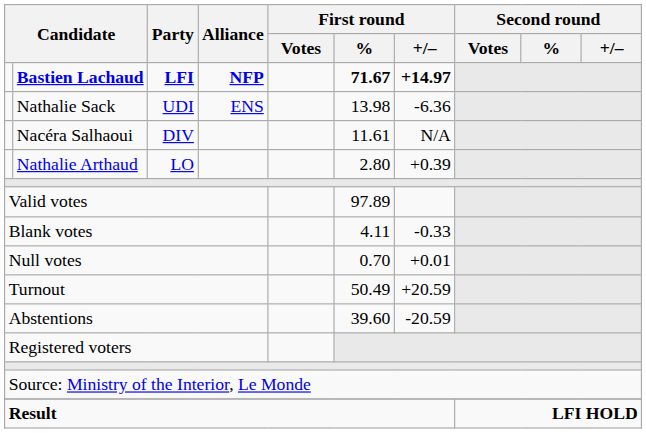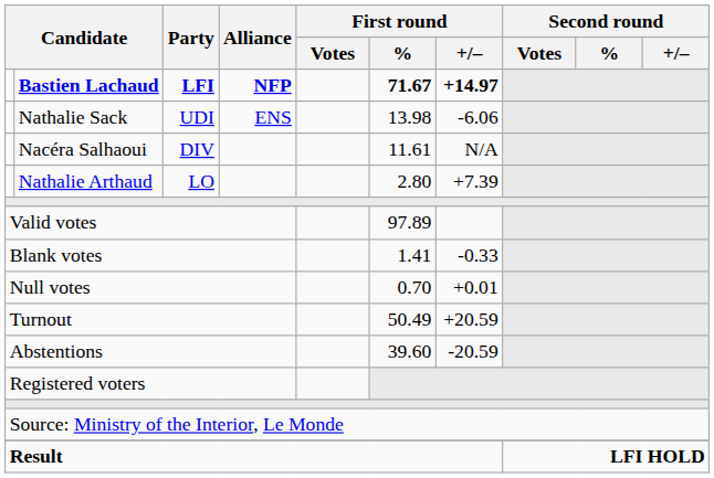 <table class="wikitable" style="text-align:right;font-size:95%;">
 <tr>
 <th rowspan="2" colspan="2">Candidate</th>
 <th rowspan="2">Party</th>
 <th rowspan="2">Alliance</th>
 <th colspan="3">First round</th>
 <th colspan="3">Second round</th>
 </tr>
 <tr>
 <th style="width:50px;">Votes</th>
 <th style="width:45px;">%</th>
 <th style="width:45px;">+/–</th>
 <th style="width:50px;">Votes</th>
 <th style="width:45px;">%</th>
 <th style="width:45px;">+/–</th>
 </tr>
 <tr>
 <td style="color:inherit;background:"></td>
 <td style="text-align:left;"><strong><a href='#'>Bastien Lachaud</a></strong></td>
 <td><a href='#'><strong>LFI</strong></a></td>
 <td><a href='#'><strong>NFP</strong></a></td>
 <td><strong></strong></td>
 <td><strong>71.67</strong></td>
 <td><strong>+14.97</strong></td>
 <td colspan="3" style="background:#E9E9E9;"></td>
 </tr>
 <tr>
 <td style="color:inherit;background:"></td>
 <td style="text-align:left;">Nathalie Sack</td>
 <td><a href='#'>UDI</a></td>
 <td><a href='#'>ENS</a></td>
 <td></td>
 <td>13.98</td>
-<td>-6.36</td>
+<td>-6.06</td>
 <td colspan="3" style="background:#E9E9E9;"></td>
 </tr>
 <tr>
 <td style="color:inherit;background:"></td>
 <td style="text-align:left;">Nacéra Salhaoui</td>
 <td><a href='#'>DIV</a></td>
 <td></td>
 <td></td>
 <td>11.61</td>
 <td>N/A</td>
 <td colspan="3" style="background:#E9E9E9;"></td>
 </tr>
 <tr>
 <td style="color:inherit;background:"></td>
 <td style="text-align:left;"><a href='#'>Nathalie Arthaud</a></td>
 <td><a href='#'>LO</a></td>
 <td></td>
 <td></td>
 <td>2.80</td>
-<td>+0.39</td>
+<td>+7.39</td>
 <td colspan="3" style="background:#E9E9E9;"></td>
 </tr>
 <tr>
 <td colspan="10" style="background:#E9E9E9;"></td>
 </tr>
 <tr>
 <td colspan="4" style="text-align:left;">Valid votes</td>
 <td></td>
 <td>97.89</td>
 <td></td>
 <td colspan="3" style="background:#E9E9E9;"></td>
 </tr>
 <tr>
 <td colspan="4" style="text-align:left;">Blank votes</td>
 <td></td>
-<td>4.11</td>
+<td>1.41</td>
 <td>-0.33</td>
 <td colspan="3" style="background:#E9E9E9;"></td>
 </tr>
 <tr>
 <td colspan="4" style="text-align:left;">Null votes</td>
 <td></td>
 <td>0.70</td>
 <td>+0.01</td>
 <td colspan="3" style="background:#E9E9E9;"></td>
 </tr>
 <tr>
 <td colspan="4" style="text-align:left;">Turnout</td>
 <td></td>
 <td>50.49</td>
 <td>+20.59</td>
 <td colspan="3" style="background:#E9E9E9;"></td>
 </tr>
 <tr>
 <td colspan="4" style="text-align:left;">Abstentions</td>
 <td></td>
 <td>39.60</td>
 <td>-20.59</td>
 <td colspan="3" style="background:#E9E9E9;"></td>
 </tr>
 <tr>
 <td colspan="4" style="text-align:left;">Registered voters</td>
 <td></td>
 <td colspan="5" style="background:#E9E9E9;"></td>
 </tr>
 <tr>
 <td colspan="10" style="background:#E9E9E9;"></td>
 </tr>
 <tr>
 <td colspan="10" style="text-align:left;">Source: <a href='#'>Ministry of the Interior</a>, <a href='#'>Le Monde</a></td>
 </tr>
 <tr>
 </tr>
 <tr style="font-weight:bold">
 <td colspan="7" style="text-align:left;">Result</td>
 <td colspan="7" style="background-color:">LFI HOLD</td>
 </tr>
 </table>
